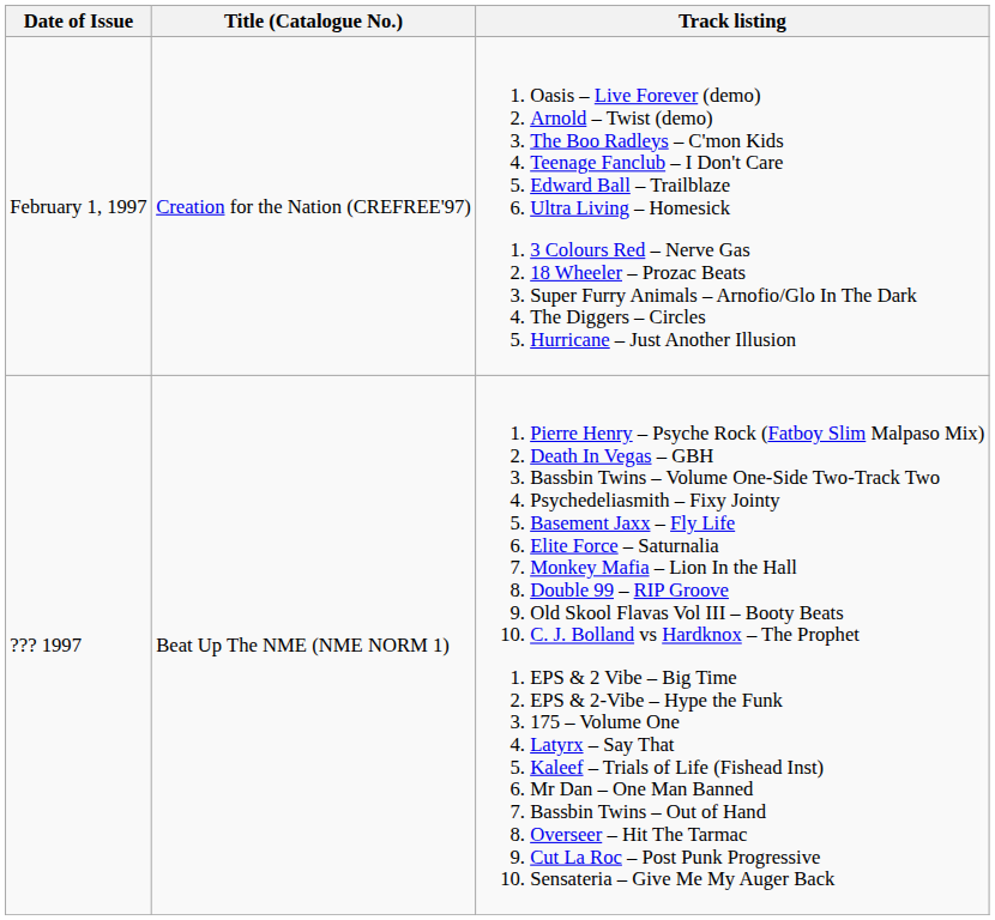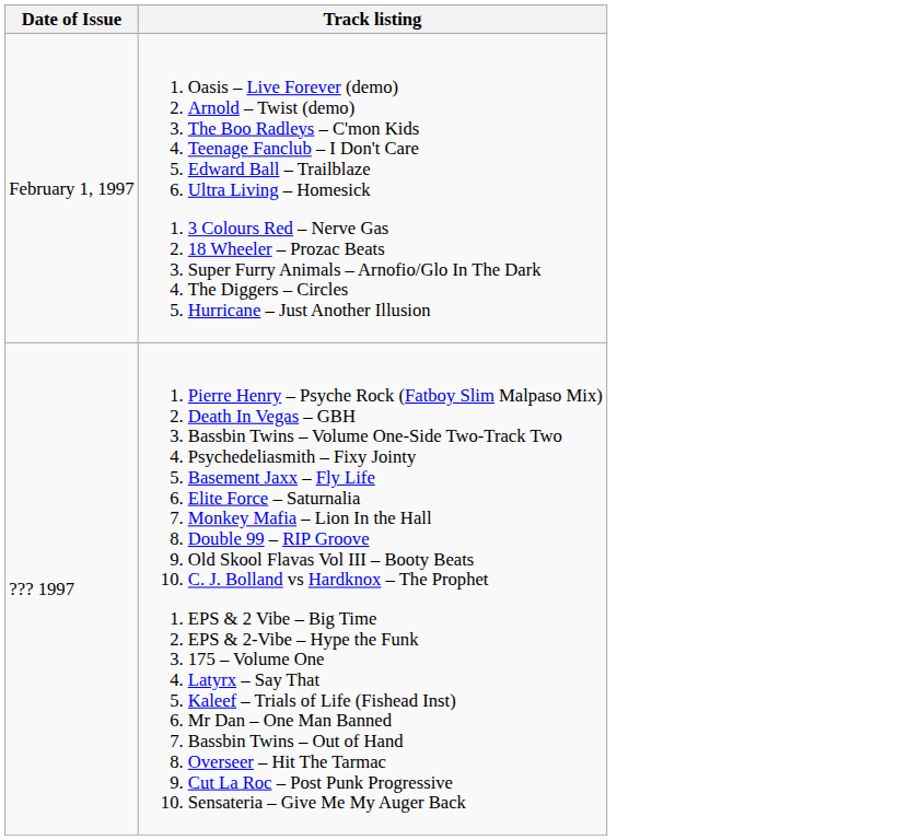 <table class="wikitable">
 <tr>
 <th>Date of Issue</th>
-<th>Title (Catalogue No.)</th>
 <th>Track listing</th>
 </tr>
 <tr>
 <td>February 1, 1997</td>
-<td><a href='#'>Creation</a> for the Nation (CREFREE'97)</td>
 <td><br><ol><li>Oasis – <a href='#'>Live Forever</a> (demo)</li><li><a href='#'>Arnold</a> – Twist (demo)</li><li><a href='#'>The Boo Radleys</a> – C'mon Kids</li><li><a href='#'>Teenage Fanclub</a> – I Don't Care</li><li><a href='#'>Edward Ball</a> – Trailblaze</li><li><a href='#'>Ultra Living</a> – Homesick</li></ol><ol><li><a href='#'>3 Colours Red</a> – Nerve Gas</li><li><a href='#'>18 Wheeler</a> – Prozac Beats</li><li>Super Furry Animals – Arnofio/Glo In The Dark</li><li>The Diggers – Circles</li><li><a href='#'>Hurricane</a> – Just Another Illusion</li></ol></td>
 </tr>
 <tr>
 <td>??? 1997</td>
-<td>Beat Up The NME (NME NORM 1)</td>
 <td><br><ol><li><a href='#'>Pierre Henry</a> – Psyche Rock (<a href='#'>Fatboy Slim</a> Malpaso Mix)</li><li><a href='#'>Death In Vegas</a> – GBH</li><li>Bassbin Twins – Volume One-Side Two-Track Two</li><li>Psychedeliasmith – Fixy Jointy</li><li><a href='#'>Basement Jaxx</a> – <a href='#'>Fly Life</a></li><li><a href='#'>Elite Force</a> – Saturnalia</li><li><a href='#'>Monkey Mafia</a> – Lion In the Hall</li><li><a href='#'>Double 99</a> – <a href='#'>RIP Groove</a></li><li>Old Skool Flavas Vol III – Booty Beats</li><li><a href='#'>C. J. Bolland</a> vs <a href='#'>Hardknox</a> – The Prophet</li></ol><ol><li>EPS & 2 Vibe – Big Time</li><li>EPS & 2-Vibe – Hype the Funk</li><li>175 – Volume One</li><li><a href='#'>Latyrx</a> – Say That</li><li><a href='#'>Kaleef</a> – Trials of Life (Fishead Inst)</li><li>Mr Dan – One Man Banned</li><li>Bassbin Twins – Out of Hand</li><li><a href='#'>Overseer</a> – Hit The Tarmac</li><li><a href='#'>Cut La Roc</a> – Post Punk Progressive</li><li>Sensateria – Give Me My Auger Back</li></ol></td>
 </tr>
 </table>
